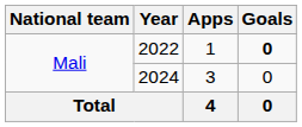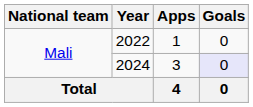 <table class="wikitable" style="text-align:center">
 <tr>
 <th>National team</th>
 <th>Year</th>
 <th>Apps</th>
 <th>Goals</th>
 </tr>
 <tr>
 <td rowspan="2"><a href='#'>Mali</a></td>
 <td>2022</td>
 <td>1</td>
-<td><strong>0</strong></td>
+<td>0</td>
 </tr>
 <tr>
 <td>2024</td>
 <td>3</td>
-<td>0</td>
+<td style="background: lavender;">0</td>
 </tr>
 <tr>
 <th colspan="2">Total</th>
 <th>4</th>
 <th>0</th>
 </tr>
 </table>
